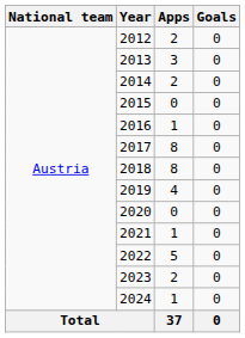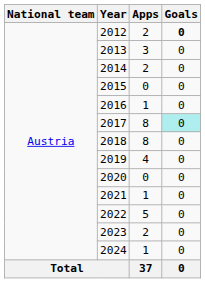 <table class="wikitable" style="text-align:center">
 <tr>
 <th>National team</th>
 <th>Year</th>
 <th>Apps</th>
 <th>Goals</th>
 </tr>
 <tr>
 <td rowspan="13"><a href='#'>Austria</a></td>
 <td>2012</td>
 <td>2</td>
-<td>0</td>
+<td><strong>0</strong></td>
 </tr>
 <tr>
 <td>2013</td>
 <td>3</td>
 <td>0</td>
 </tr>
 <tr>
 <td>2014</td>
 <td>2</td>
 <td>0</td>
 </tr>
 <tr>
 <td>2015</td>
 <td>0</td>
 <td>0</td>
 </tr>
 <tr>
 <td>2016</td>
 <td>1</td>
 <td>0</td>
 </tr>
 <tr>
 <td>2017</td>
 <td>8</td>
-<td>0</td>
+<td style="background: paleturquoise;">0</td>
 </tr>
 <tr>
 <td>2018</td>
 <td>8</td>
 <td>0</td>
 </tr>
 <tr>
 <td>2019</td>
 <td>4</td>
 <td>0</td>
 </tr>
 <tr>
 <td>2020</td>
 <td>0</td>
 <td>0</td>
 </tr>
 <tr>
 <td>2021</td>
 <td>1</td>
 <td>0</td>
 </tr>
 <tr>
 <td>2022</td>
 <td>5</td>
 <td>0</td>
 </tr>
 <tr>
 <td>2023</td>
 <td>2</td>
 <td>0</td>
 </tr>
 <tr>
 <td>2024</td>
 <td>1</td>
 <td>0</td>
 </tr>
 <tr>
 <th colspan="2">Total</th>
 <th>37</th>
 <th>0</th>
 </tr>
 </table>
